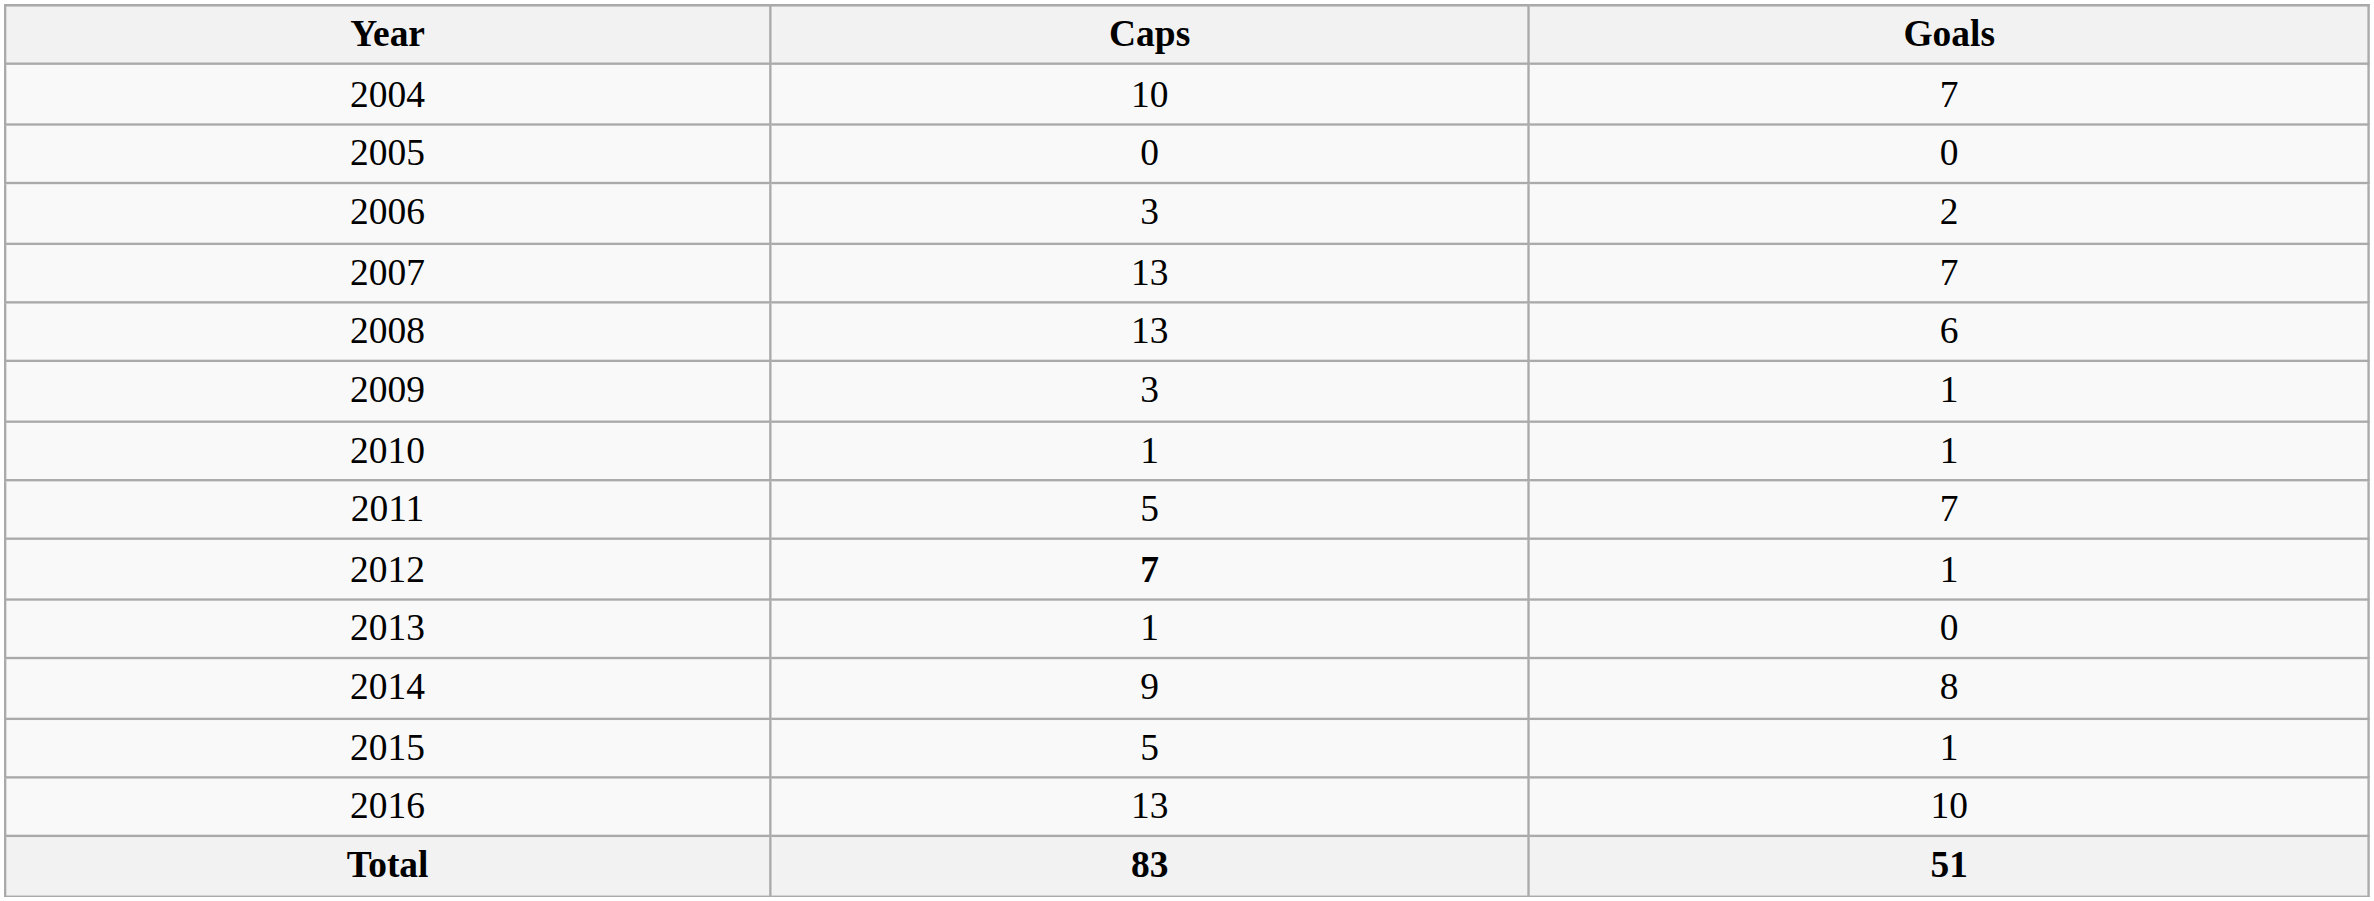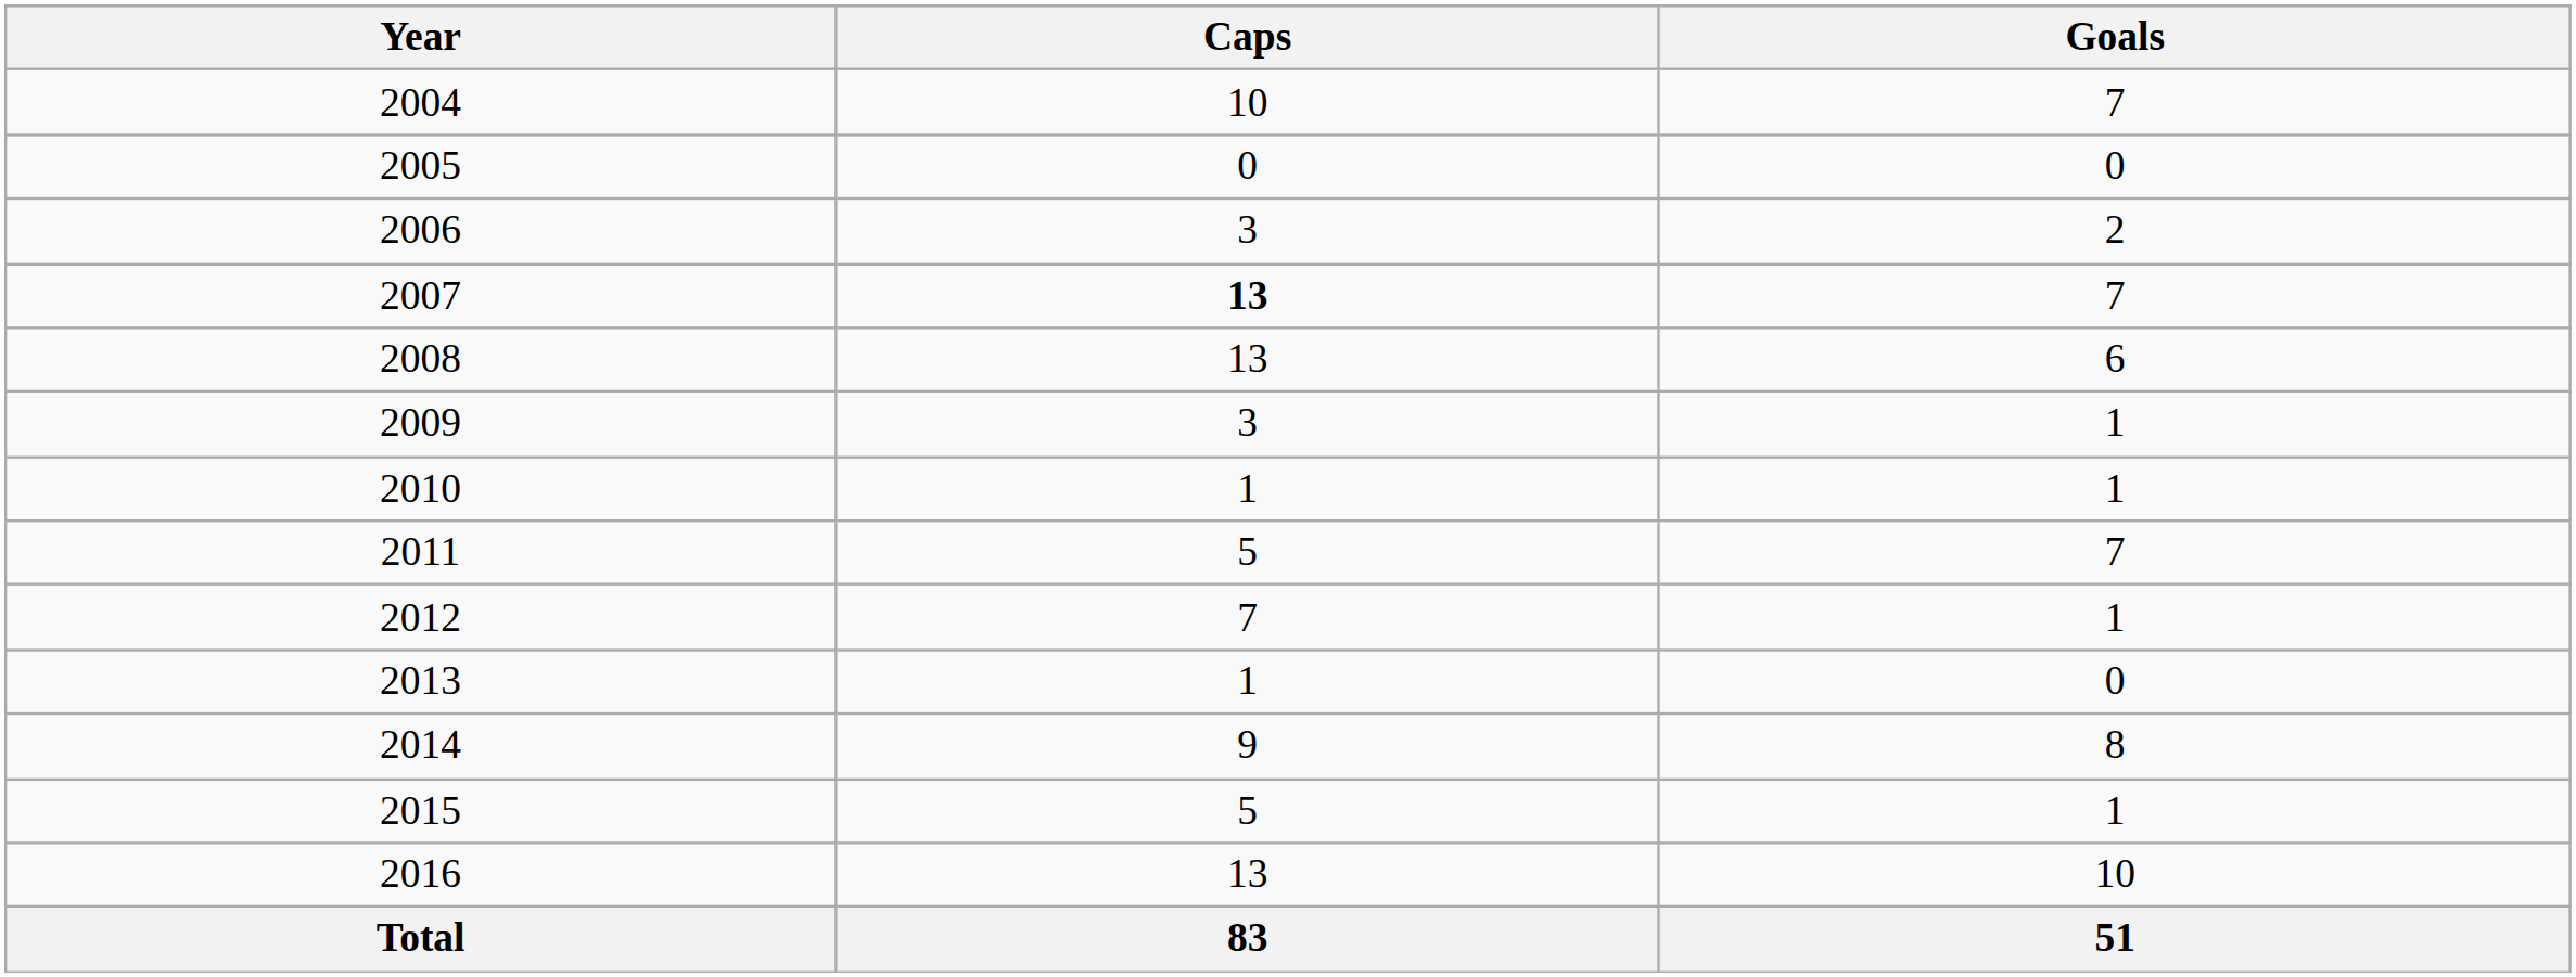 <table class="wikitable sortable" style="text-align:center" width=80%>
 <tr>
 </tr>
 <tr>
 <th scope="col">Year</th>
 <th scope="col">Caps</th>
 <th scope="col">Goals</th>
 </tr>
 <tr>
 <td>2004</td>
 <td>10</td>
 <td>7</td>
 </tr>
 <tr>
 <td>2005</td>
 <td>0</td>
 <td>0</td>
 </tr>
 <tr>
 <td>2006</td>
 <td>3</td>
 <td>2</td>
 </tr>
 <tr>
 <td>2007</td>
-<td>13</td>
+<td><strong>13</strong></td>
 <td>7</td>
 </tr>
 <tr>
 <td>2008</td>
 <td>13</td>
 <td>6</td>
 </tr>
 <tr>
 <td>2009</td>
 <td>3</td>
 <td>1</td>
 </tr>
 <tr>
 <td>2010</td>
 <td>1</td>
 <td>1</td>
 </tr>
 <tr>
 <td>2011</td>
 <td>5</td>
 <td>7</td>
 </tr>
 <tr>
 <td>2012</td>
-<td><strong>7</strong></td>
+<td>7</td>
 <td>1</td>
 </tr>
 <tr>
 <td>2013</td>
 <td>1</td>
 <td>0</td>
 </tr>
 <tr>
 <td>2014</td>
 <td>9</td>
 <td>8</td>
 </tr>
 <tr>
 <td>2015</td>
 <td>5</td>
 <td>1</td>
 </tr>
 <tr>
 <td>2016</td>
 <td>13</td>
 <td>10</td>
 </tr>
 <tr>
 <th>Total</th>
 <th>83</th>
 <th>51</th>
 </tr>
 </table>
